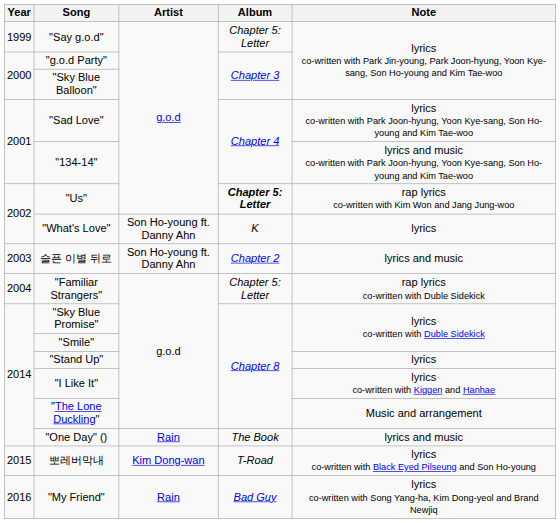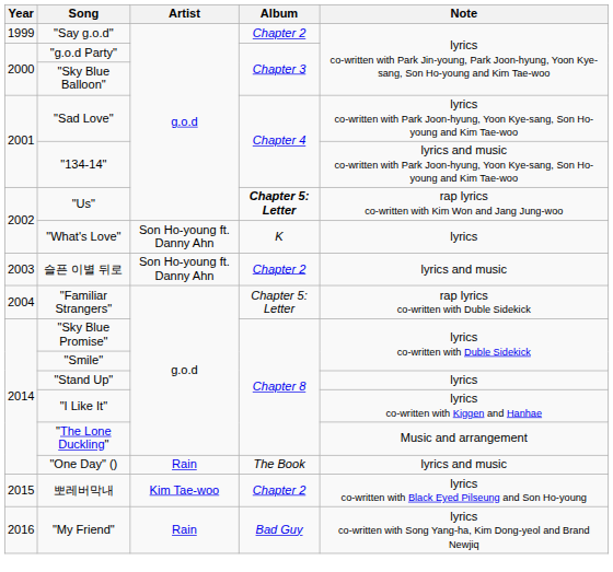 <table class="wikitable" style="text-align:center; width:800px">
 <tr>
 <th>Year</th>
 <th>Song</th>
 <th>Artist</th>
 <th>Album</th>
 <th>Note</th>
 </tr>
 <tr>
 <td>1999</td>
 <td>"Say g.o.d"</td>
 <td rowspan="6"><a href='#'>g.o.d</a></td>
-<td><em>Chapter 5: Letter</em></td>
+<td><em><a href='#'>Chapter 2</a></em></td>
 <td rowspan="3">lyrics<br><small>co-written with Park Jin-young, Park Joon-hyung, Yoon Kye-sang, Son Ho-young and Kim Tae-woo</small></td>
 </tr>
 <tr>
 <td rowspan="2">2000</td>
 <td>"g.o.d Party"</td>
 <td rowspan="2"><em><a href='#'>Chapter 3</a></em></td>
 </tr>
 <tr>
 <td>"Sky Blue Balloon"</td>
 </tr>
 <tr>
 <td rowspan="2">2001</td>
 <td>"Sad Love"</td>
 <td rowspan="2"><em><a href='#'>Chapter 4</a></em></td>
 <td>lyrics<br><small>co-written with Park Joon-hyung, Yoon Kye-sang, Son Ho-young and Kim Tae-woo</small></td>
 </tr>
 <tr>
 <td>"134-14"</td>
 <td>lyrics and music<br><small>co-written with Park Joon-hyung, Yoon Kye-sang, Son Ho-young and Kim Tae-woo</small></td>
 </tr>
 <tr>
 <td rowspan="2">2002</td>
 <td>"Us"</td>
 <td><strong><em>Chapter 5: Letter</em></strong></td>
 <td>rap lyrics<br><small>co-written with Kim Won and Jang Jung-woo</small></td>
 </tr>
 <tr>
 <td>"What's Love"</td>
 <td>Son Ho-young ft. Danny Ahn</td>
 <td><em>K</em></td>
 <td>lyrics</td>
 </tr>
 <tr>
 <td>2003</td>
 <td>슬픈 이별 뒤로</td>
 <td>Son Ho-young ft. Danny Ahn</td>
 <td><em><a href='#'>Chapter 2</a></em></td>
 <td>lyrics and music</td>
 </tr>
 <tr>
 <td>2004</td>
 <td>"Familiar Strangers"</td>
 <td rowspan="6">g.o.d</td>
 <td><em>Chapter 5: Letter</em></td>
 <td>rap lyrics<br><small>co-written with Duble Sidekick</small></td>
 </tr>
 <tr>
 <td rowspan="6">2014</td>
 <td>"Sky Blue Promise"</td>
 <td rowspan="5'"><em><a href='#'>Chapter 8</a></em></td>
 <td rowspan="2">lyrics<br><small>co-written with <a href='#'>Duble Sidekick</a></small></td>
 </tr>
 <tr>
 <td>"Smile"</td>
 </tr>
 <tr>
 <td>"Stand Up"</td>
 <td>lyrics</td>
 </tr>
 <tr>
 <td>"I Like It"</td>
 <td>lyrics<br><small>co-written with <a href='#'>Kiggen</a> and <a href='#'>Hanhae</a></small></td>
 </tr>
 <tr>
 <td>"<a href='#'>The Lone Duckling</a>"</td>
 <td>Music and arrangement</td>
 </tr>
 <tr>
 <td>"One Day" ()</td>
 <td><a href='#'>Rain</a></td>
 <td><em>The Book</em></td>
 <td>lyrics and music</td>
 </tr>
 <tr>
 <td>2015</td>
 <td>뽀레버막내</td>
-<td><a href='#'>Kim Dong-wan</a></td>
-<td><em>T-Road</em></td>
+<td><a href='#'>Kim Tae-woo</a></td>
+<td><em><a href='#'>Chapter 2</a></em></td>
 <td>lyrics<br><small>co-written with <a href='#'>Black Eyed Pilseung</a> and Son Ho-young</small></td>
 </tr>
 <tr>
 <td>2016</td>
 <td>"My Friend"</td>
 <td><a href='#'>Rain</a></td>
 <td><em><a href='#'>Bad Guy</a></em></td>
 <td>lyrics<br><small>co-written with Song Yang-ha, Kim Dong-yeol and Brand Newjiq</small></td>
 </tr>
 </table>
